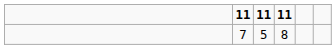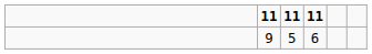 <table class="wikitable">
 <tr>
 <td style="width:18em"></td>
 <td align=center style="width:1em"><strong>11</strong></td>
 <td align=center style="width:1em"><strong>11</strong></td>
 <td align=center style="width:1em"><strong>11</strong></td>
 <td align=center style="width:1em"></td>
 <td align=center style="width:1em"></td>
 </tr>
 <tr>
 <td style="width:18em"></td>
-<td align=center style="width:1em">7</td>
+<td align=center style="width:1em">9</td>
 <td align=center style="width:1em">5</td>
-<td align=center style="width:1em">8</td>
+<td align=center style="width:1em">6</td>
 <td align=center style="width:1em"></td>
 <td align=center style="width:1em"></td>
 </tr>
 </table>
